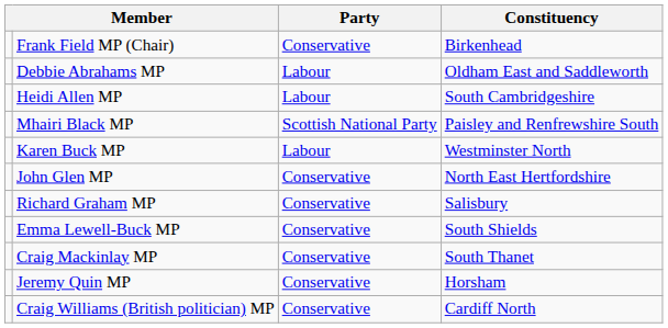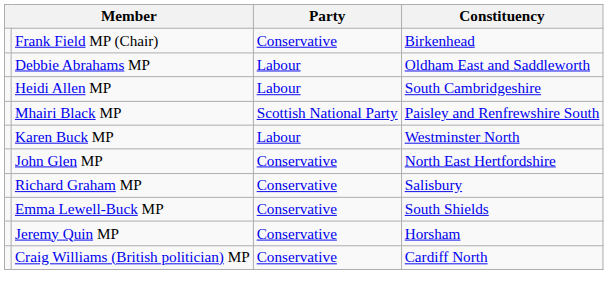 <table class="wikitable">
 <tr>
 <th colspan="2" valign="top">Member</th>
 <th valign="top">Party</th>
 <th valign="top">Constituency</th>
 </tr>
 <tr>
 <td style="color:inherit;background:"></td>
 <td><a href='#'>Frank Field</a> MP (Chair)</td>
 <td><a href='#'>Conservative</a></td>
 <td><a href='#'>Birkenhead</a></td>
 </tr>
 <tr>
 <td style="color:inherit;background:"></td>
 <td><a href='#'>Debbie Abrahams</a> MP</td>
 <td><a href='#'>Labour</a></td>
 <td><a href='#'>Oldham East and Saddleworth</a></td>
 </tr>
 <tr>
 <td style="color:inherit;background:"></td>
 <td><a href='#'>Heidi Allen</a> MP</td>
 <td><a href='#'>Labour</a></td>
 <td><a href='#'>South Cambridgeshire</a></td>
 </tr>
 <tr>
 <td style="color:inherit;background:"></td>
 <td><a href='#'>Mhairi Black</a> MP</td>
 <td><a href='#'>Scottish National Party</a></td>
 <td><a href='#'>Paisley and Renfrewshire South</a></td>
 </tr>
 <tr>
 <td style="color:inherit;background:"></td>
 <td><a href='#'>Karen Buck</a> MP</td>
 <td><a href='#'>Labour</a></td>
 <td><a href='#'>Westminster North</a></td>
 </tr>
 <tr>
 <td style="color:inherit;background:"></td>
 <td><a href='#'>John Glen</a> MP</td>
 <td><a href='#'>Conservative</a></td>
 <td><a href='#'>North East Hertfordshire</a></td>
 </tr>
 <tr>
 <td style="color:inherit;background:"></td>
 <td><a href='#'>Richard Graham</a> MP</td>
 <td><a href='#'>Conservative</a></td>
 <td><a href='#'>Salisbury</a></td>
 </tr>
 <tr>
 <td style="color:inherit;background:"></td>
 <td><a href='#'>Emma Lewell-Buck</a> MP</td>
 <td><a href='#'>Conservative</a></td>
 <td><a href='#'>South Shields</a></td>
 </tr>
 <tr>
 <td style="color:inherit;background:"></td>
-<td><a href='#'>Craig Mackinlay</a> MP</td>
-<td><a href='#'>Conservative</a></td>
-<td><a href='#'>South Thanet</a></td>
-</tr>
-<tr>
-<td style="color:inherit;background:"></td>
 <td><a href='#'>Jeremy Quin</a> MP</td>
 <td><a href='#'>Conservative</a></td>
 <td><a href='#'>Horsham</a></td>
 </tr>
 <tr>
 <td style="color:inherit;background:"></td>
 <td><a href='#'>Craig Williams (British politician)</a> MP</td>
 <td><a href='#'>Conservative</a></td>
 <td><a href='#'>Cardiff North</a></td>
 </tr>
 </table>
